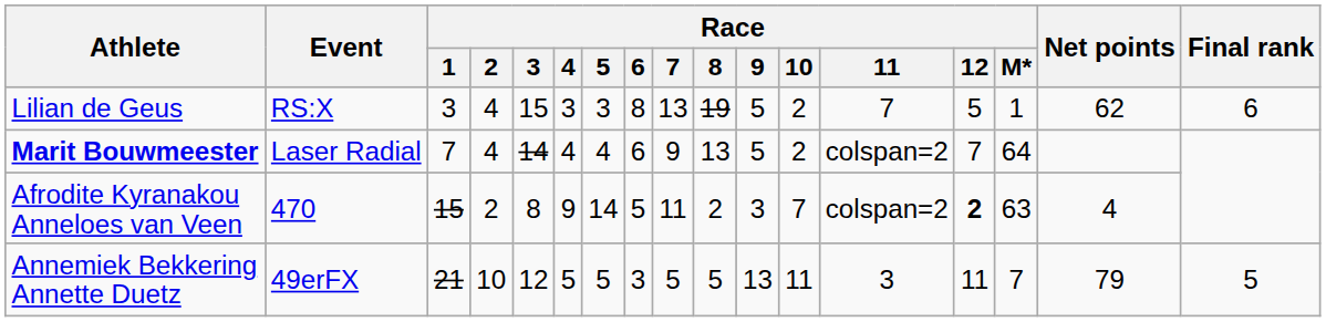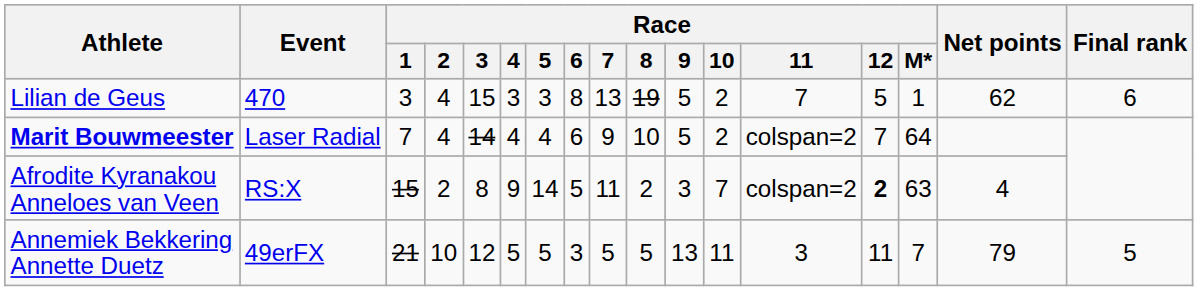 <table class="wikitable" style="font-size:90%">
 <tr>
 <th rowspan="2">Athlete</th>
 <th rowspan="2">Event</th>
 <th colspan=13>Race</th>
 <th rowspan=2>Net points</th>
 <th rowspan=2>Final rank</th>
 </tr>
 <tr style="font-size:95%">
 <th>1</th>
 <th>2</th>
 <th>3</th>
 <th>4</th>
 <th>5</th>
 <th>6</th>
 <th>7</th>
 <th>8</th>
 <th>9</th>
 <th>10</th>
 <th>11</th>
 <th>12</th>
 <th>M*</th>
 </tr>
 <tr align=center>
 <td align=left><a href='#'>Lilian de Geus</a></td>
-<td align=left><a href='#'>RS:X</a></td>
+<td align=left><a href='#'>470</a></td>
 <td>3</td>
 <td>4</td>
 <td>15</td>
 <td>3</td>
 <td>3</td>
 <td>8</td>
 <td>13</td>
 <td><s>19</s></td>
 <td>5</td>
 <td>2</td>
 <td>7</td>
 <td>5</td>
 <td>1</td>
 <td>62</td>
 <td>6</td>
 </tr>
 <tr align=center>
 <td align=left><strong><a href='#'>Marit Bouwmeester</a></strong></td>
 <td align=left><a href='#'>Laser Radial</a></td>
 <td>7</td>
 <td>4</td>
 <td><s>14</s></td>
 <td>4</td>
 <td>4</td>
 <td>6</td>
 <td>9</td>
-<td>13</td>
+<td>10</td>
 <td>5</td>
 <td>2</td>
 <td>colspan=2 </td>
 <td>7</td>
 <td>64</td>
 <td></td>
 </tr>
 <tr align=center>
 <td align=left><a href='#'>Afrodite Kyranakou</a><br><a href='#'>Anneloes van Veen</a></td>
-<td align=left><a href='#'>470</a></td>
+<td align=left><a href='#'>RS:X</a></td>
 <td><s>15</s></td>
 <td>2</td>
 <td>8</td>
 <td>9</td>
 <td>14</td>
 <td>5</td>
 <td>11</td>
 <td>2</td>
 <td>3</td>
 <td>7</td>
 <td>colspan=2 </td>
 <td><strong>2</strong></td>
 <td>63</td>
 <td>4</td>
 </tr>
 <tr align=center>
 <td align=left><a href='#'>Annemiek Bekkering</a><br><a href='#'>Annette Duetz</a></td>
 <td align=left><a href='#'>49erFX</a></td>
 <td><s>21</s></td>
 <td>10</td>
 <td>12</td>
 <td>5</td>
 <td>5</td>
 <td>3</td>
 <td>5</td>
 <td>5</td>
 <td>13</td>
 <td>11</td>
 <td>3</td>
 <td>11</td>
 <td>7</td>
 <td>79</td>
 <td>5</td>
 </tr>
 </table>
